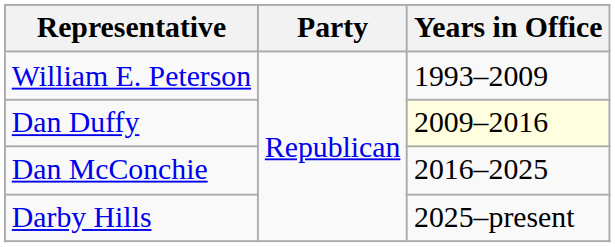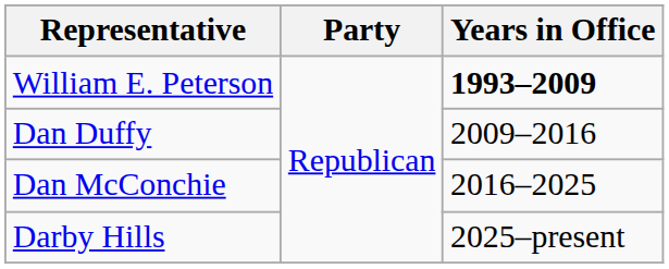 <table class="wikitable">
 <tr>
 <th>Representative</th>
 <th>Party</th>
 <th>Years in Office</th>
 </tr>
 <tr>
 <td><a href='#'>William E. Peterson</a></td>
 <td rowspan="4"><a href='#'>Republican</a></td>
-<td>1993–2009</td>
+<td><strong>1993–2009</strong></td>
 </tr>
 <tr>
 <td><a href='#'>Dan Duffy</a></td>
-<td style="background: lightyellow;">2009–2016</td>
+<td>2009–2016</td>
 </tr>
 <tr>
 <td><a href='#'>Dan McConchie</a></td>
 <td>2016–2025</td>
 </tr>
 <tr>
 <td><a href='#'>Darby Hills</a></td>
 <td>2025–present</td>
 </tr>
 </table>
